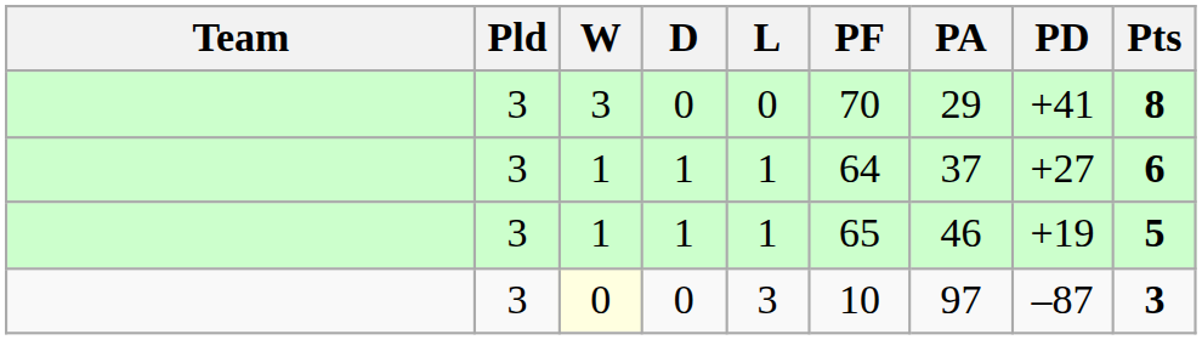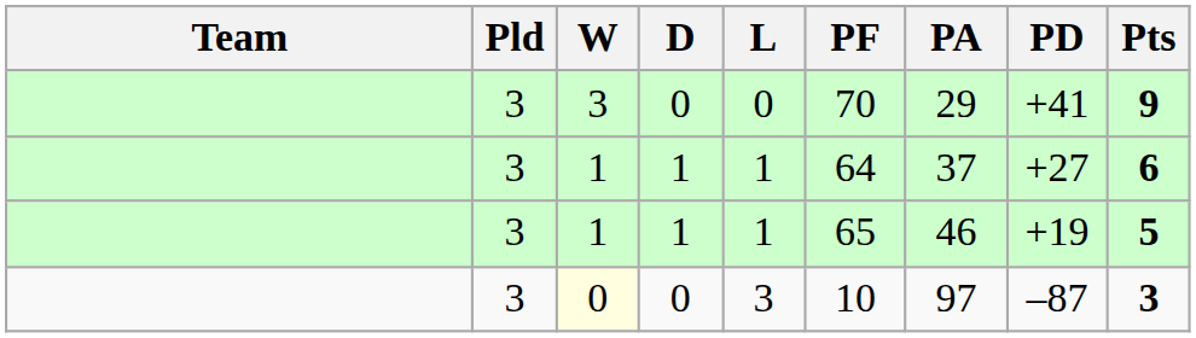 <table class="wikitable" style="text-align:center;">
 <tr>
 <th width=175>Team</th>
 <th width=25 abbr="Played">Pld</th>
 <th width=25 abbr="Won">W</th>
 <th width=25 abbr="Drawn">D</th>
 <th width=25 abbr="Lost">L</th>
 <th width=32 abbr="Points for">PF</th>
 <th width=32 abbr="Points against">PA</th>
 <th width=32 abbr="Points difference">PD</th>
 <th width=25 abbr="Points">Pts</th>
 </tr>
 <tr bgcolor=ccffcc>
 <td align=left></td>
 <td>3</td>
 <td>3</td>
 <td>0</td>
 <td>0</td>
 <td>70</td>
 <td>29</td>
 <td>+41</td>
-<td><strong>8</strong></td>
+<td><strong>9</strong></td>
 </tr>
 <tr bgcolor=ccffcc>
 <td align=left></td>
 <td>3</td>
 <td>1</td>
 <td>1</td>
 <td>1</td>
 <td>64</td>
 <td>37</td>
 <td>+27</td>
 <td><strong>6</strong></td>
 </tr>
 <tr bgcolor=ccffcc>
 <td align=left></td>
 <td>3</td>
 <td>1</td>
 <td>1</td>
 <td>1</td>
 <td>65</td>
 <td>46</td>
 <td>+19</td>
 <td><strong>5</strong></td>
 </tr>
 <tr>
 <td align=left></td>
 <td>3</td>
 <td style="background: lightyellow;">0</td>
 <td>0</td>
 <td>3</td>
 <td>10</td>
 <td>97</td>
 <td>–87</td>
 <td><strong>3</strong></td>
 </tr>
 </table>
